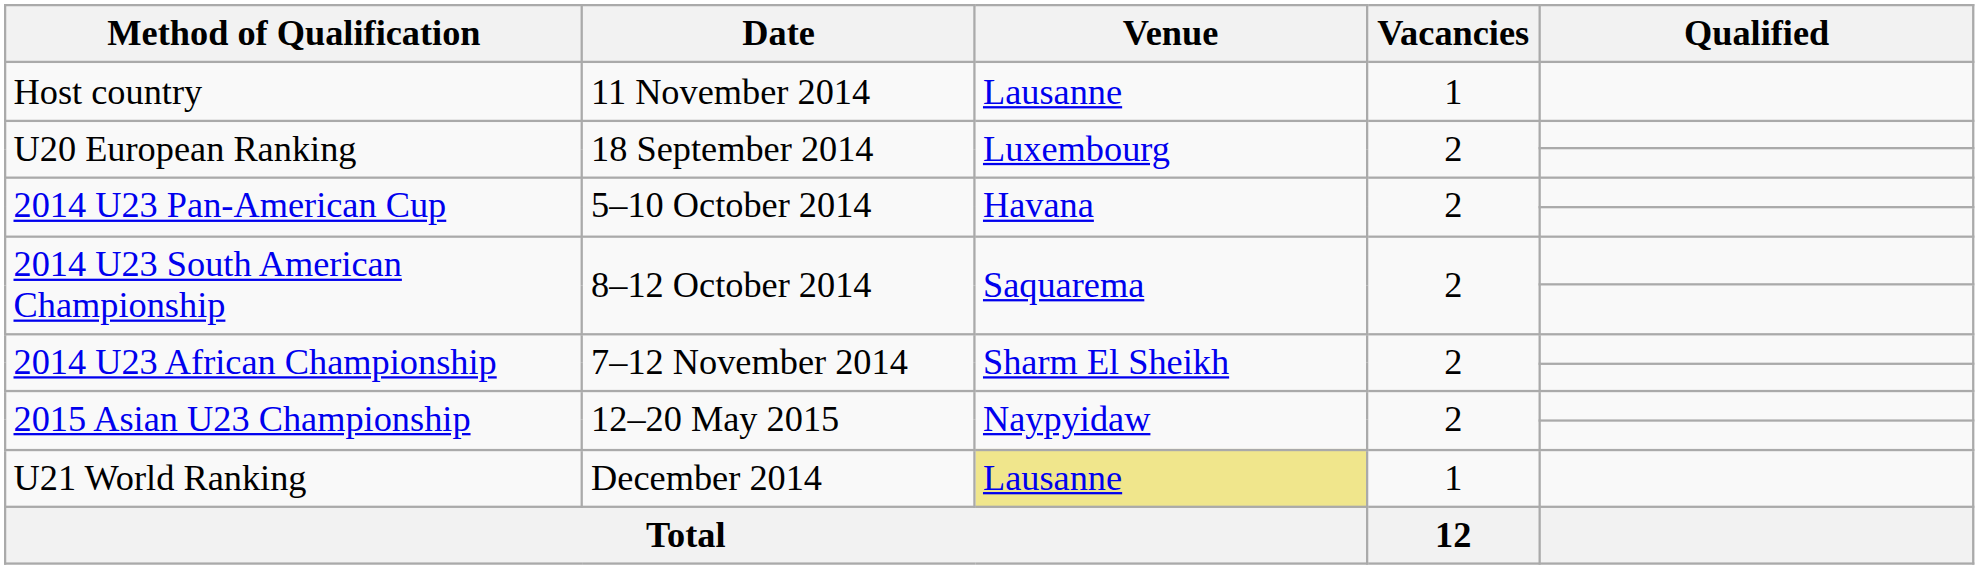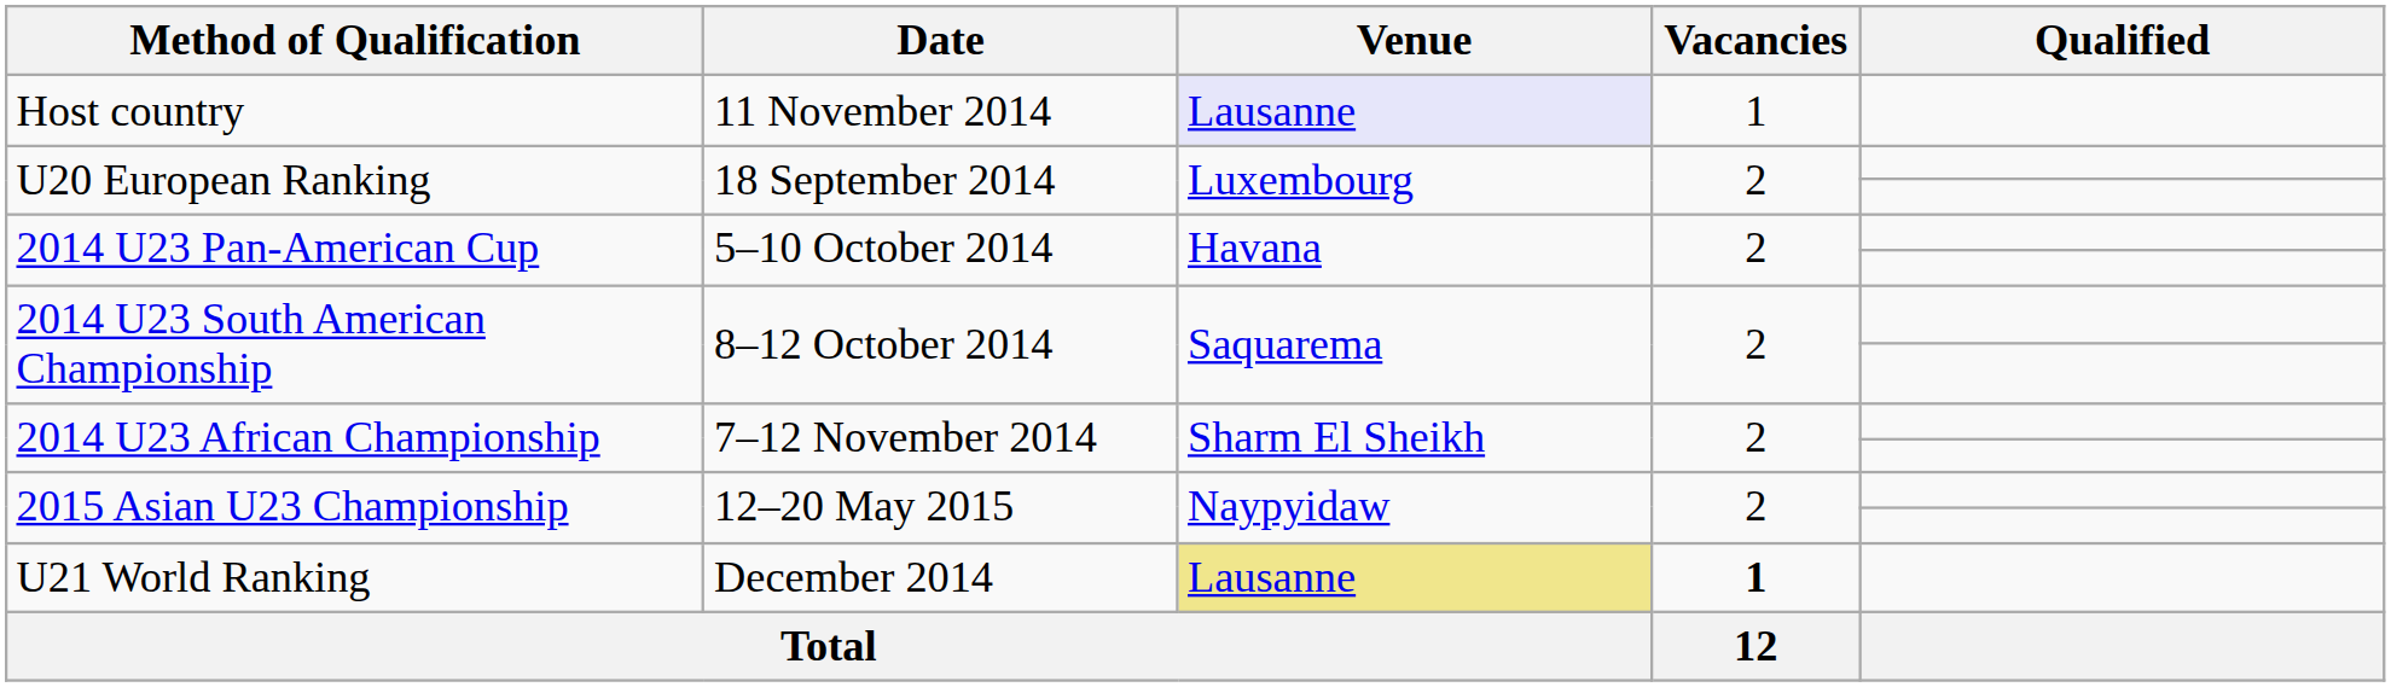 <table class="wikitable">
 <tr>
 <th width=28%>Method of Qualification</th>
 <th width=19%>Date</th>
 <th width=19%>Venue</th>
 <th width=5%>Vacancies</th>
 <th width=21%>Qualified</th>
 </tr>
 <tr>
 <td>Host country</td>
 <td>11 November 2014</td>
-<td> <a href='#'>Lausanne</a></td>
+<td style="background: lavender;"> <a href='#'>Lausanne</a></td>
 <td style="text-align:center;">1</td>
 <td></td>
 </tr>
 <tr>
 <td rowspan="2">U20 European Ranking</td>
 <td rowspan="2">18 September 2014</td>
 <td rowspan="2"> <a href='#'>Luxembourg</a></td>
 <td rowspan="2" style="text-align:center;">2</td>
 <td></td>
 </tr>
 <tr>
 <td></td>
 </tr>
 <tr>
 <td rowspan="2"><a href='#'>2014 U23 Pan-American Cup</a></td>
 <td rowspan="2">5–10 October 2014</td>
 <td rowspan="2"> <a href='#'>Havana</a></td>
 <td rowspan="2" style="text-align:center;">2</td>
 <td></td>
 </tr>
 <tr>
 <td></td>
 </tr>
 <tr>
 <td rowspan="2"><a href='#'>2014 U23 South American Championship</a></td>
 <td rowspan="2">8–12 October 2014</td>
 <td rowspan="2"> <a href='#'>Saquarema</a></td>
 <td rowspan="2" style="text-align:center;">2</td>
 <td></td>
 </tr>
 <tr>
 <td></td>
 </tr>
 <tr>
 <td rowspan="2"><a href='#'>2014 U23 African Championship</a></td>
 <td rowspan="2">7–12 November 2014</td>
 <td rowspan="2"> <a href='#'>Sharm El Sheikh</a></td>
 <td rowspan="2" style="text-align:center;">2</td>
 <td></td>
 </tr>
 <tr>
 <td></td>
 </tr>
 <tr>
 <td rowspan="2"><a href='#'>2015 Asian U23 Championship</a></td>
 <td rowspan="2">12–20 May 2015</td>
 <td rowspan="2"> <a href='#'>Naypyidaw</a></td>
 <td rowspan="2" style="text-align:center;">2</td>
 <td></td>
 </tr>
 <tr>
 <td></td>
 </tr>
 <tr>
 <td>U21 World Ranking</td>
 <td>December 2014</td>
 <td style="background: khaki;"> <a href='#'>Lausanne</a></td>
-<td style="text-align:center;">1</td>
+<td style="text-align:center;"><strong>1</strong></td>
 <td></td>
 </tr>
 <tr>
 <th colspan="3">Total</th>
 <th>12</th>
 <th colspan="2"></th>
 </tr>
 </table>
